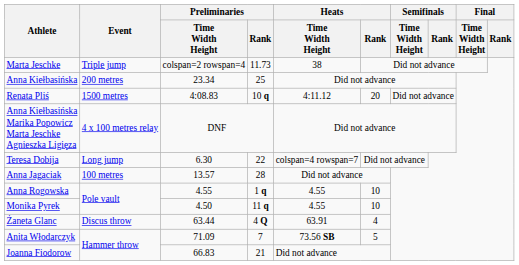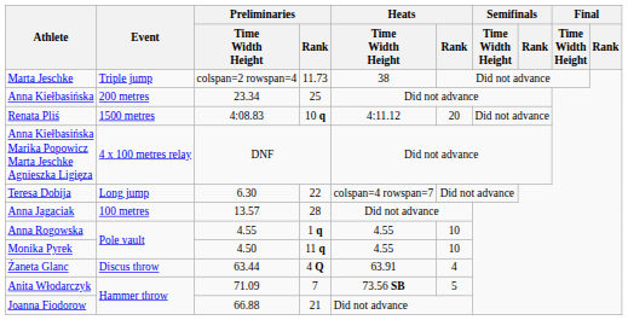 <table class=wikitable style="font-size:90%;">
 <tr>
 <th rowspan="2">Athlete</th>
 <th rowspan="2">Event</th>
 <th colspan="2">Preliminaries</th>
 <th colspan="2">Heats</th>
 <th colspan="2">Semifinals</th>
 <th colspan="2">Final</th>
 </tr>
 <tr>
 <th>Time<br>Width<br>Height</th>
 <th>Rank</th>
 <th>Time<br>Width<br>Height</th>
 <th>Rank</th>
 <th>Time<br>Width<br>Height</th>
 <th>Rank</th>
 <th>Time<br>Width<br>Height</th>
 <th>Rank</th>
 </tr>
 <tr>
 <td><a href='#'>Marta Jeschke</a></td>
 <td><a href='#'>Triple jump</a></td>
 <td>colspan=2 rowspan=4 </td>
 <td align=center>11.73</td>
 <td align=center>38</td>
 <td colspan="4" style="text-align:center;">Did not advance</td>
 </tr>
 <tr>
 <td><a href='#'>Anna Kiełbasińska</a></td>
 <td><a href='#'>200 metres</a></td>
 <td align=center>23.34</td>
 <td align=center>25</td>
 <td colspan="4" style="text-align:center;">Did not advance</td>
 </tr>
 <tr>
 <td><a href='#'>Renata Pliś</a></td>
 <td><a href='#'>1500 metres</a></td>
 <td align=center>4:08.83</td>
 <td align=center>10 <strong>q</strong></td>
 <td align=center>4:11.12</td>
 <td align=center>20</td>
 <td colspan="2" style="text-align:center;">Did not advance</td>
 </tr>
 <tr>
 <td><a href='#'>Anna Kiełbasińska</a><br><a href='#'>Marika Popowicz</a><br><a href='#'>Marta Jeschke</a><br>  <a href='#'>Agnieszka Ligięza</a><br></td>
 <td><a href='#'>4 x 100 metres relay</a></td>
 <td style="text-align:center;" colspan="2">DNF</td>
 <td colspan="4" style="text-align:center;">Did not advance</td>
 </tr>
 <tr>
 <td><a href='#'>Teresa Dobija</a></td>
 <td><a href='#'>Long jump</a></td>
 <td align=center>6.30</td>
 <td align=center>22</td>
 <td>colspan=4 rowspan=7 </td>
 <td colspan="2" style="text-align:center;">Did not advance</td>
 </tr>
 <tr>
 <td><a href='#'>Anna Jagaciak</a></td>
 <td><a href='#'>100 metres</a></td>
 <td align=center>13.57</td>
 <td align=center>28</td>
 <td colspan="2" style="text-align:center;">Did not advance</td>
 </tr>
 <tr>
 <td><a href='#'>Anna Rogowska</a></td>
 <td rowspan=2><a href='#'>Pole vault</a></td>
 <td align=center>4.55</td>
 <td align=center>1 <strong>q</strong></td>
 <td align=center>4.55</td>
 <td align=center>10</td>
 </tr>
 <tr>
 <td><a href='#'>Monika Pyrek</a></td>
 <td align=center>4.50</td>
 <td align=center>11 <strong>q</strong></td>
 <td align=center>4.55</td>
 <td align=center>10</td>
 </tr>
 <tr>
 <td><a href='#'>Żaneta Glanc</a></td>
 <td><a href='#'>Discus throw</a></td>
 <td align=center>63.44</td>
 <td align=center>4 <strong>Q</strong></td>
 <td align=center>63.91</td>
 <td align=center>4</td>
 </tr>
 <tr>
 <td><a href='#'>Anita Włodarczyk</a></td>
 <td rowspan=2><a href='#'>Hammer throw</a></td>
 <td align=center>71.09</td>
 <td align=center>7</td>
 <td align=center>73.56 <strong>SB</strong></td>
 <td align=center>5</td>
 </tr>
 <tr>
 <td><a href='#'>Joanna Fiodorow</a></td>
-<td align=center>66.83</td>
+<td align=center>66.88</td>
 <td align=center>21</td>
 <td colspan="2">Did not advance</td>
 </tr>
 </table>
